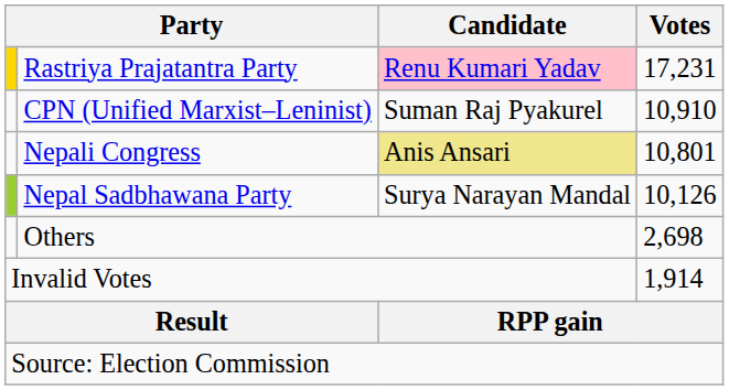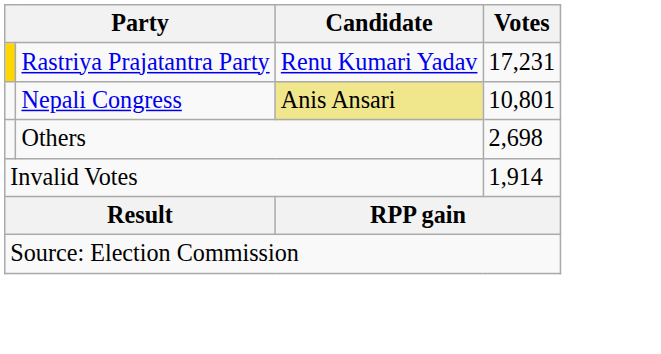 <table class="wikitable">
 <tr>
 <th colspan="2">Party</th>
 <th>Candidate</th>
 <th>Votes</th>
 </tr>
 <tr>
 <td style="background-color:gold"></td>
 <td><a href='#'>Rastriya Prajatantra Party</a></td>
-<td style="background: pink;"><a href='#'>Renu Kumari Yadav</a></td>
+<td><a href='#'>Renu Kumari Yadav</a></td>
 <td>17,231</td>
-</tr>
-<tr>
-<td style="background-color:"></td>
-<td><a href='#'>CPN (Unified Marxist–Leninist)</a></td>
-<td>Suman Raj Pyakurel</td>
-<td>10,910</td>
 </tr>
 <tr>
 <td style="background-color:"></td>
 <td><a href='#'>Nepali Congress</a></td>
 <td style="background: khaki;">Anis Ansari</td>
 <td>10,801</td>
-</tr>
-<tr>
-<td style="background-color:yellowgreen"></td>
-<td><a href='#'>Nepal Sadbhawana Party</a></td>
-<td>Surya Narayan Mandal</td>
-<td>10,126</td>
 </tr>
 <tr>
 <td></td>
 <td colspan="2">Others</td>
 <td>2,698</td>
 </tr>
 <tr>
 <td colspan="3">Invalid Votes</td>
 <td>1,914</td>
 </tr>
 <tr>
 <th colspan="2">Result</th>
 <th colspan="2">RPP gain</th>
 </tr>
 <tr>
 <td colspan="4">Source: Election Commission</td>
 </tr>
 </table>
